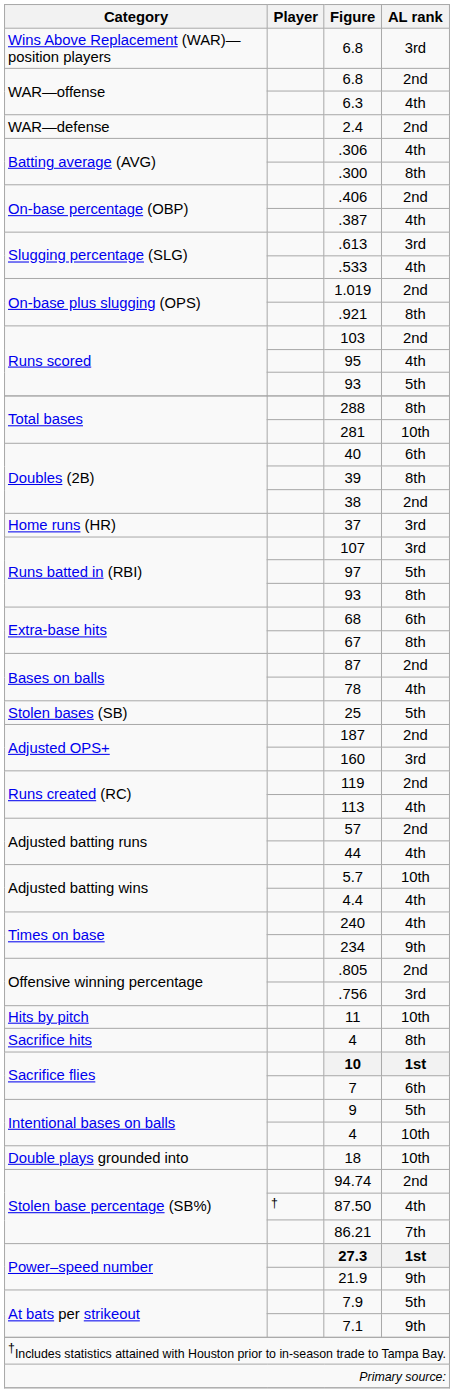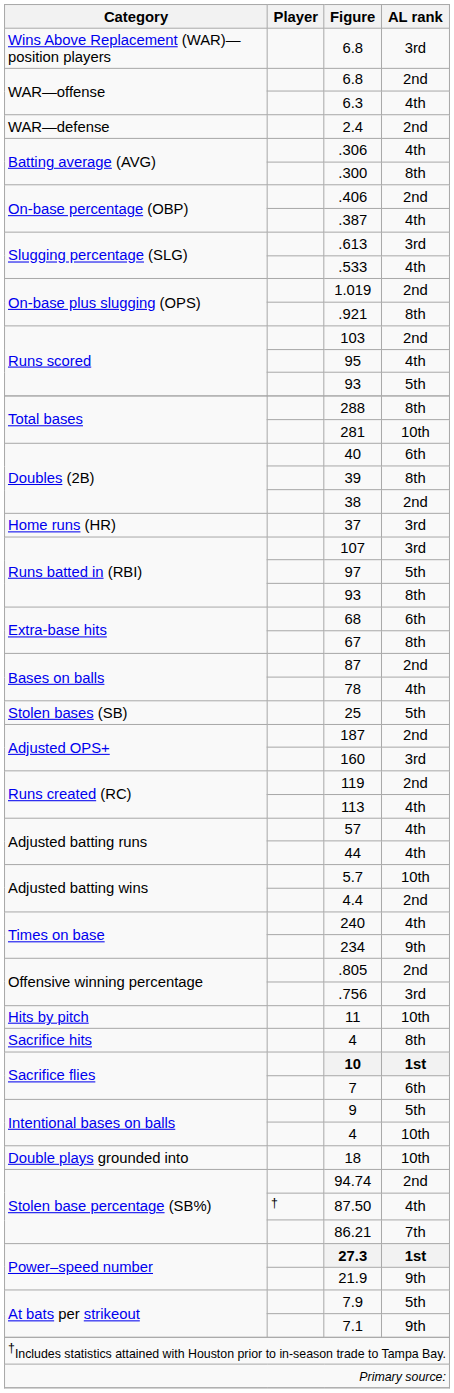 <table class="wikitable sortable" border="1" style="font-size: 90%">
 <tr>
 <th>Category</th>
 <th>Player</th>
 <th>Figure</th>
 <th>AL rank</th>
 </tr>
 <tr>
 <td><a href='#'>Wins Above Replacement</a> (WAR)—<br>position players</td>
 <td></td>
 <td align="center">6.8</td>
 <td align="center">3rd</td>
 </tr>
 <tr>
 <td rowspan="2">WAR—offense</td>
 <td></td>
 <td align="center">6.8</td>
 <td align="center">2nd</td>
 </tr>
 <tr>
 <td></td>
 <td align="center">6.3</td>
 <td align="center">4th</td>
 </tr>
 <tr>
 <td>WAR—defense</td>
 <td></td>
 <td align="center">2.4</td>
 <td align="center">2nd</td>
 </tr>
 <tr>
 <td rowspan="2"><a href='#'>Batting average</a> (AVG)</td>
 <td></td>
 <td align="center">.306</td>
 <td align="center">4th</td>
 </tr>
 <tr>
 <td></td>
 <td align="center">.300</td>
 <td align="center">8th</td>
 </tr>
 <tr>
 <td rowspan="2"><a href='#'>On-base percentage</a> (OBP)</td>
 <td></td>
 <td align="center">.406</td>
 <td align="center">2nd</td>
 </tr>
 <tr>
 <td></td>
 <td align="center">.387</td>
 <td align="center">4th</td>
 </tr>
 <tr>
 <td rowspan="2"><a href='#'>Slugging percentage</a> (SLG)</td>
 <td></td>
 <td align="center">.613</td>
 <td align="center">3rd</td>
 </tr>
 <tr>
 <td></td>
 <td align="center">.533</td>
 <td align="center">4th</td>
 </tr>
 <tr>
 <td rowspan="2"><a href='#'>On-base plus slugging</a> (OPS)</td>
 <td></td>
 <td align="center">1.019</td>
 <td align="center">2nd</td>
 </tr>
 <tr>
 <td></td>
 <td align="center">.921</td>
 <td align="center">8th</td>
 </tr>
 <tr>
 <td rowspan="3"><a href='#'>Runs scored</a></td>
 <td></td>
 <td align="center">103</td>
 <td align="center">2nd</td>
 </tr>
 <tr>
 <td></td>
 <td align="center">95</td>
 <td align="center">4th</td>
 </tr>
 <tr>
 <td></td>
 <td align="center">93</td>
 <td align="center">5th</td>
 </tr>
 <tr>
 </tr>
 <tr>
 <td rowspan="2"><a href='#'>Total bases</a></td>
 <td></td>
 <td align="center">288</td>
 <td align="center">8th</td>
 </tr>
 <tr>
 <td></td>
 <td align="center">281</td>
 <td align="center">10th</td>
 </tr>
 <tr>
 <td rowspan="3"><a href='#'>Doubles</a> (2B)</td>
 <td></td>
 <td align="center">40</td>
 <td align="center">6th</td>
 </tr>
 <tr>
 <td></td>
 <td align="center">39</td>
 <td align="center">8th</td>
 </tr>
 <tr>
 <td></td>
 <td align="center">38</td>
 <td align="center">2nd</td>
 </tr>
 <tr>
 <td><a href='#'>Home runs</a> (HR)</td>
 <td></td>
 <td align="center">37</td>
 <td align="center">3rd</td>
 </tr>
 <tr>
 <td rowspan="3"><a href='#'>Runs batted in</a> (RBI)</td>
 <td></td>
 <td align="center">107</td>
 <td align="center">3rd</td>
 </tr>
 <tr>
 <td></td>
 <td align="center">97</td>
 <td align="center">5th</td>
 </tr>
 <tr>
 <td></td>
 <td align="center">93</td>
 <td align="center">8th</td>
 </tr>
 <tr>
 <td rowspan="2"><a href='#'>Extra-base hits</a></td>
 <td></td>
 <td align="center">68</td>
 <td align="center">6th</td>
 </tr>
 <tr>
 <td></td>
 <td align="center">67</td>
 <td align="center">8th</td>
 </tr>
 <tr>
 <td rowspan="2"><a href='#'>Bases on balls</a></td>
 <td></td>
 <td align="center">87</td>
 <td align="center">2nd</td>
 </tr>
 <tr>
 <td></td>
 <td align="center">78</td>
 <td align="center">4th</td>
 </tr>
 <tr>
 <td><a href='#'>Stolen bases</a> (SB)</td>
 <td></td>
 <td align="center">25</td>
 <td align="center">5th</td>
 </tr>
 <tr>
 <td rowspan="2"><a href='#'>Adjusted OPS+</a></td>
 <td></td>
 <td align="center">187</td>
 <td align="center">2nd</td>
 </tr>
 <tr>
 <td></td>
 <td align="center">160</td>
 <td align="center">3rd</td>
 </tr>
 <tr>
 <td rowspan="2"><a href='#'>Runs created</a> (RC)</td>
 <td></td>
 <td align="center">119</td>
 <td align="center">2nd</td>
 </tr>
 <tr>
 <td></td>
 <td align="center">113</td>
 <td align="center">4th</td>
 </tr>
 <tr>
 <td rowspan="2">Adjusted batting runs</td>
 <td></td>
 <td align="center">57</td>
-<td align="center">2nd</td>
+<td align="center">4th</td>
 </tr>
 <tr>
 <td></td>
 <td align="center">44</td>
 <td align="center">4th</td>
 </tr>
 <tr>
 <td rowspan="2">Adjusted batting wins</td>
 <td></td>
 <td align="center">5.7</td>
 <td align="center">10th</td>
 </tr>
 <tr>
 <td></td>
 <td align="center">4.4</td>
-<td align="center">4th</td>
+<td align="center">2nd</td>
 </tr>
 <tr>
 <td rowspan="2"><a href='#'>Times on base</a></td>
 <td></td>
 <td align="center">240</td>
 <td align="center">4th</td>
 </tr>
 <tr>
 <td></td>
 <td align="center">234</td>
 <td align="center">9th</td>
 </tr>
 <tr>
 <td rowspan="2">Offensive winning percentage</td>
 <td></td>
 <td align="center">.805</td>
 <td align="center">2nd</td>
 </tr>
 <tr>
 <td></td>
 <td align="center">.756</td>
 <td align="center">3rd</td>
 </tr>
 <tr>
 <td><a href='#'>Hits by pitch</a></td>
 <td></td>
 <td align="center">11</td>
 <td align="center">10th</td>
 </tr>
 <tr>
 <td><a href='#'>Sacrifice hits</a></td>
 <td></td>
 <td align="center">4</td>
 <td align="center">8th</td>
 </tr>
 <tr>
 <td rowspan="2"><a href='#'>Sacrifice flies</a></td>
 <td></td>
 <th align="center">10</th>
 <th align="center">1st</th>
 </tr>
 <tr>
 <td></td>
 <td align="center">7</td>
 <td align="center">6th</td>
 </tr>
 <tr>
 <td rowspan="2"><a href='#'>Intentional bases on balls</a></td>
 <td></td>
 <td align="center">9</td>
 <td align="center">5th</td>
 </tr>
 <tr>
 <td></td>
 <td align="center">4</td>
 <td align="center">10th</td>
 </tr>
 <tr>
 <td><a href='#'>Double plays</a> grounded into</td>
 <td></td>
 <td align="center">18</td>
 <td align="center">10th</td>
 </tr>
 <tr>
 <td rowspan="3"><a href='#'>Stolen base percentage</a> (SB%)</td>
 <td></td>
 <td align="center">94.74</td>
 <td align="center">2nd</td>
 </tr>
 <tr>
 <td> <sup>†</sup></td>
 <td align="center">87.50</td>
 <td align="center">4th</td>
 </tr>
 <tr>
 <td></td>
 <td align="center">86.21</td>
 <td align="center">7th</td>
 </tr>
 <tr>
 <td rowspan="2"><a href='#'>Power–speed number</a></td>
 <td></td>
 <th align="center">27.3</th>
 <th align="center">1st</th>
 </tr>
 <tr>
 <td></td>
 <td align="center">21.9</td>
 <td align="center">9th</td>
 </tr>
 <tr>
 <td rowspan="2"><a href='#'>At bats</a> per <a href='#'>strikeout</a></td>
 <td></td>
 <td align="center">7.9</td>
 <td align="center">5th</td>
 </tr>
 <tr>
 <td></td>
 <td align="center">7.1</td>
 <td align="center">9th</td>
 </tr>
 <tr>
 </tr>
 <tr class="sortbottom">
 <td colspan="4"><sup>†</sup><small>Includes statistics attained with Houston prior to in-season trade to Tampa Bay.</small><br></td>
 </tr>
 <tr class="sortbottom">
 <td colspan="4;" align="right"><small><em>Primary source:</em></small></td>
 </tr>
 <tr>
 </tr>
 </table>
